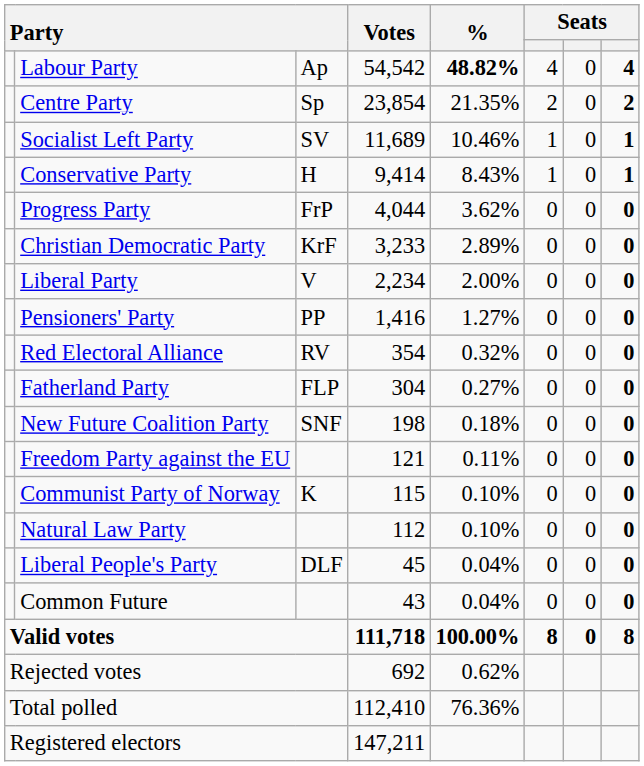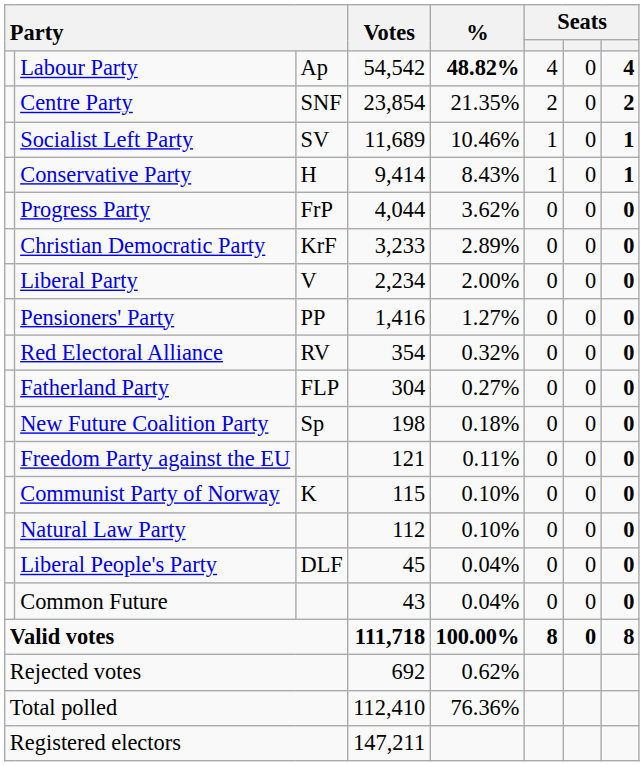 <table class="wikitable" border="1" style="text-align:right;">
 <tr>
 <th style="text-align:left;" valign=bottom rowspan=2 colspan=3>Party</th>
 <th align=center valign=bottom rowspan=2 width="50">Votes</th>
 <th align=center valign=bottom rowspan=2 width="50">%</th>
 <th colspan=3>Seats</th>
 </tr>
 <tr>
 <th align=center valign=bottom width="20"><small></small></th>
 <th align=center valign=bottom width="20"><small><a href='#'></a></small></th>
 <th align=center valign=bottom width="20"><small></small></th>
 </tr>
 <tr>
 <td style="color:inherit;background:"></td>
 <td align=left><a href='#'>Labour Party</a></td>
 <td align=left>Ap</td>
 <td>54,542</td>
 <td><strong>48.82%</strong></td>
 <td>4</td>
 <td>0</td>
 <td><strong>4</strong></td>
 </tr>
 <tr>
 <td style="color:inherit;background:"></td>
 <td align=left><a href='#'>Centre Party</a></td>
-<td align=left>Sp</td>
+<td align=left>SNF</td>
 <td>23,854</td>
 <td>21.35%</td>
 <td>2</td>
 <td>0</td>
 <td><strong>2</strong></td>
 </tr>
 <tr>
 <td style="color:inherit;background:"></td>
 <td align=left><a href='#'>Socialist Left Party</a></td>
 <td align=left>SV</td>
 <td>11,689</td>
 <td>10.46%</td>
 <td>1</td>
 <td>0</td>
 <td><strong>1</strong></td>
 </tr>
 <tr>
 <td style="color:inherit;background:"></td>
 <td align=left><a href='#'>Conservative Party</a></td>
 <td align=left>H</td>
 <td>9,414</td>
 <td>8.43%</td>
 <td>1</td>
 <td>0</td>
 <td><strong>1</strong></td>
 </tr>
 <tr>
 <td style="color:inherit;background:"></td>
 <td align=left><a href='#'>Progress Party</a></td>
 <td align=left>FrP</td>
 <td>4,044</td>
 <td>3.62%</td>
 <td>0</td>
 <td>0</td>
 <td><strong>0</strong></td>
 </tr>
 <tr>
 <td style="color:inherit;background:"></td>
 <td align=left><a href='#'>Christian Democratic Party</a></td>
 <td align=left>KrF</td>
 <td>3,233</td>
 <td>2.89%</td>
 <td>0</td>
 <td>0</td>
 <td><strong>0</strong></td>
 </tr>
 <tr>
 <td style="color:inherit;background:"></td>
 <td align=left><a href='#'>Liberal Party</a></td>
 <td align=left>V</td>
 <td>2,234</td>
 <td>2.00%</td>
 <td>0</td>
 <td>0</td>
 <td><strong>0</strong></td>
 </tr>
 <tr>
 <td style="color:inherit;background:"></td>
 <td align=left><a href='#'>Pensioners' Party</a></td>
 <td align=left>PP</td>
 <td>1,416</td>
 <td>1.27%</td>
 <td>0</td>
 <td>0</td>
 <td><strong>0</strong></td>
 </tr>
 <tr>
 <td style="color:inherit;background:"></td>
 <td align=left><a href='#'>Red Electoral Alliance</a></td>
 <td align=left>RV</td>
 <td>354</td>
 <td>0.32%</td>
 <td>0</td>
 <td>0</td>
 <td><strong>0</strong></td>
 </tr>
 <tr>
 <td style="color:inherit;background:"></td>
 <td align=left><a href='#'>Fatherland Party</a></td>
 <td align=left>FLP</td>
 <td>304</td>
 <td>0.27%</td>
 <td>0</td>
 <td>0</td>
 <td><strong>0</strong></td>
 </tr>
 <tr>
 <td style="color:inherit;background:"></td>
 <td align=left><a href='#'>New Future Coalition Party</a></td>
-<td align=left>SNF</td>
+<td align=left>Sp</td>
 <td>198</td>
 <td>0.18%</td>
 <td>0</td>
 <td>0</td>
 <td><strong>0</strong></td>
 </tr>
 <tr>
 <td></td>
 <td align=left><a href='#'>Freedom Party against the EU</a></td>
 <td align=left></td>
 <td>121</td>
 <td>0.11%</td>
 <td>0</td>
 <td>0</td>
 <td><strong>0</strong></td>
 </tr>
 <tr>
 <td style="color:inherit;background:"></td>
 <td align=left><a href='#'>Communist Party of Norway</a></td>
 <td align=left>K</td>
 <td>115</td>
 <td>0.10%</td>
 <td>0</td>
 <td>0</td>
 <td><strong>0</strong></td>
 </tr>
 <tr>
 <td></td>
 <td align=left><a href='#'>Natural Law Party</a></td>
 <td align=left></td>
 <td>112</td>
 <td>0.10%</td>
 <td>0</td>
 <td>0</td>
 <td><strong>0</strong></td>
 </tr>
 <tr>
 <td style="color:inherit;background:"></td>
 <td align=left><a href='#'>Liberal People's Party</a></td>
 <td align=left>DLF</td>
 <td>45</td>
 <td>0.04%</td>
 <td>0</td>
 <td>0</td>
 <td><strong>0</strong></td>
 </tr>
 <tr>
 <td></td>
 <td align=left>Common Future</td>
 <td align=left></td>
 <td>43</td>
 <td>0.04%</td>
 <td>0</td>
 <td>0</td>
 <td><strong>0</strong></td>
 </tr>
 <tr style="font-weight:bold">
 <td align=left colspan=3>Valid votes</td>
 <td>111,718</td>
 <td>100.00%</td>
 <td>8</td>
 <td>0</td>
 <td>8</td>
 </tr>
 <tr>
 <td align=left colspan=3>Rejected votes</td>
 <td>692</td>
 <td>0.62%</td>
 <td></td>
 <td></td>
 <td></td>
 </tr>
 <tr>
 <td align=left colspan=3>Total polled</td>
 <td>112,410</td>
 <td>76.36%</td>
 <td></td>
 <td></td>
 <td></td>
 </tr>
 <tr>
 <td align=left colspan=3>Registered electors</td>
 <td>147,211</td>
 <td></td>
 <td></td>
 <td></td>
 <td></td>
 </tr>
 </table>
